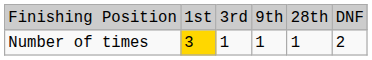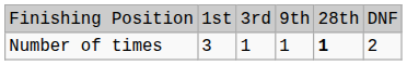 <table class="wikitable">
 <tr style="background:#CCCCCC;">
 <td>Finishing Position</td>
 <td>1st</td>
 <td>3rd</td>
 <td>9th</td>
 <td>28th</td>
 <td>DNF</td>
 </tr>
 <tr>
 <td>Number of times</td>
-<td style="background: gold;">3</td>
+<td>3</td>
 <td>1</td>
 <td>1</td>
-<td>1</td>
+<td><strong>1</strong></td>
 <td>2</td>
 </tr>
 </table>
